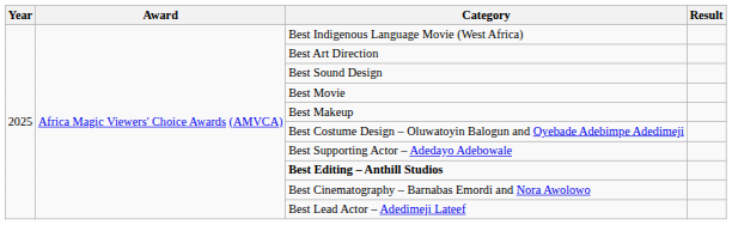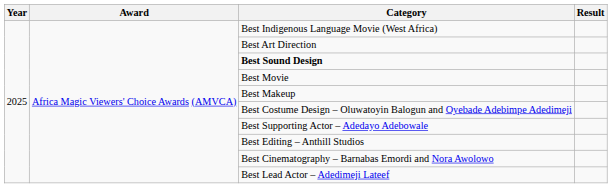 <table class="wikitable">
 <tr>
 <th>Year</th>
 <th>Award</th>
 <th>Category</th>
 <th>Result</th>
 </tr>
 <tr>
 <td rowspan="10">2025</td>
 <td rowspan="10"><a href='#'>Africa Magic Viewers' Choice Awards</a> <a href='#'>(AMVCA)</a></td>
 <td>Best Indigenous Language Movie (West Africa)</td>
 <td></td>
 </tr>
 <tr>
 <td>Best Art Direction</td>
 <td></td>
 </tr>
 <tr>
-<td>Best Sound Design</td>
+<td><strong>Best Sound Design</strong></td>
 <td></td>
 </tr>
 <tr>
 <td>Best Movie</td>
 <td></td>
 </tr>
 <tr>
 <td>Best Makeup</td>
 <td></td>
 </tr>
 <tr>
 <td>Best Costume Design – Oluwatoyin Balogun and <a href='#'>Oyebade Adebimpe Adedimeji</a></td>
 <td></td>
 </tr>
 <tr>
 <td>Best Supporting Actor – <a href='#'>Adedayo Adebowale</a></td>
 <td></td>
 </tr>
 <tr>
-<td><strong>Best Editing – Anthill Studios</strong></td>
+<td>Best Editing – Anthill Studios</td>
 <td></td>
 </tr>
 <tr>
 <td>Best Cinematography  – Barnabas Emordi and <a href='#'>Nora Awolowo</a></td>
 <td></td>
 </tr>
 <tr>
 <td>Best Lead Actor – <a href='#'>Adedimeji Lateef</a></td>
 <td></td>
 </tr>
 </table>
